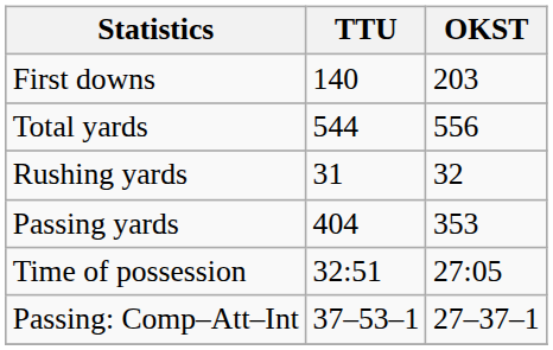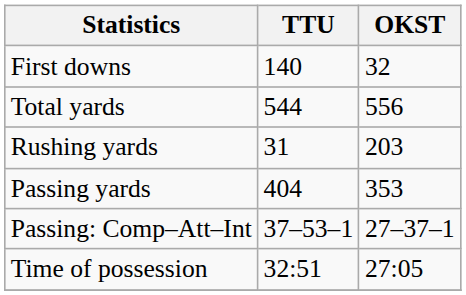 <table class="wikitable" style="float: left;">
 <tr>
 <th>Statistics</th>
 <th>TTU</th>
 <th>OKST</th>
 </tr>
 <tr>
 <td>First downs</td>
 <td>140</td>
-<td>203</td>
+<td>32</td>
 </tr>
 <tr>
 <td>Total yards</td>
 <td>544</td>
 <td>556</td>
 </tr>
 <tr>
 <td>Rushing yards</td>
 <td>31</td>
-<td>32</td>
+<td>203</td>
 </tr>
 <tr>
 <td>Passing yards</td>
 <td>404</td>
 <td>353</td>
 </tr>
 <tr>
+<td>Passing: Comp–Att–Int</td>
+<td>37–53–1</td>
+<td>27–37–1</td>
+</tr>
+<tr>
 <td>Time of possession</td>
 <td>32:51</td>
 <td>27:05</td>
 </tr>
 <tr>
-<td>Passing: Comp–Att–Int</td>
-<td>37–53–1</td>
-<td>27–37–1</td>
-</tr>
-<tr>
 </tr>
 </table>
